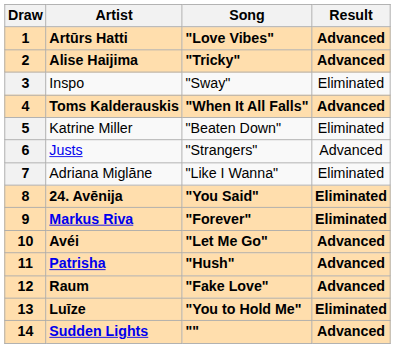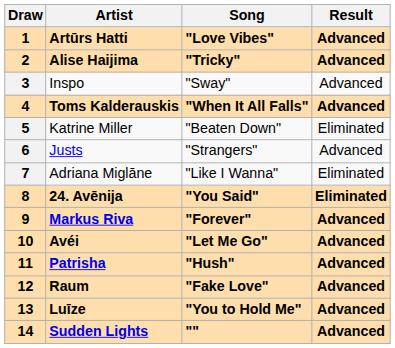 <table class="sortable wikitable plainrowheaders" style="margin: 1em auto 1em auto; text-align:center">
 <tr>
 <th>Draw</th>
 <th>Artist</th>
 <th>Song</th>
 <th>Result</th>
 </tr>
 <tr style="font-weight:bold; background:navajowhite;">
 <th scope="row" style="text-align:center; font-weight:bold; background:navajowhite">1</th>
 <td align="left">Artūrs Hatti</td>
 <td align="left">"Love Vibes"</td>
 <td>Advanced</td>
 </tr>
 <tr style="font-weight:bold; background:navajowhite;">
 <th scope="row" style="text-align:center; font-weight:bold; background:navajowhite">2</th>
 <td align="left">Alise Haijima</td>
 <td align="left">"Tricky"</td>
 <td>Advanced</td>
 </tr>
 <tr>
 <th scope="row" style="text-align:center;">3</th>
 <td align="left">Inspo</td>
 <td align="left">"Sway"</td>
-<td>Eliminated</td>
+<td>Advanced</td>
 </tr>
 <tr style="font-weight:bold; background:navajowhite;">
 <th scope="row" style="text-align:center; font-weight:bold; background:navajowhite">4</th>
 <td align="left">Toms Kalderauskis</td>
 <td align="left">"When It All Falls"</td>
 <td>Advanced</td>
 </tr>
 <tr>
 <th scope="row" style="text-align:center;">5</th>
 <td align="left">Katrine Miller</td>
 <td align="left">"Beaten Down"</td>
 <td>Eliminated</td>
 </tr>
 <tr>
 <th scope="row" style="text-align:center;">6</th>
 <td align="left"><a href='#'>Justs</a></td>
 <td align="left">"Strangers"</td>
 <td>Advanced</td>
 </tr>
 <tr>
 <th scope="row" style="text-align:center;">7</th>
 <td align="left">Adriana Miglāne</td>
 <td align="left">"Like I Wanna"</td>
 <td>Eliminated</td>
 </tr>
 <tr style="font-weight:bold; background:navajowhite;">
 <th scope="row" style="text-align:center; font-weight:bold; background:navajowhite">8</th>
 <td align="left">24. Avēnija</td>
 <td align="left">"You Said"</td>
 <td>Eliminated</td>
 </tr>
 <tr style="font-weight:bold; background:navajowhite;">
 <th scope="row" style="text-align:center; font-weight:bold; background:navajowhite">9</th>
 <td align="left"><a href='#'>Markus Riva</a></td>
 <td align="left">"Forever"</td>
-<td>Eliminated</td>
+<td>Advanced</td>
 </tr>
 <tr style="font-weight:bold; background:navajowhite;">
 <th scope="row" style="text-align:center; font-weight:bold; background:navajowhite">10</th>
 <td align="left">Avéi</td>
 <td align="left">"Let Me Go"</td>
 <td>Advanced</td>
 </tr>
 <tr style="font-weight:bold; background:navajowhite;">
 <th scope="row" style="text-align:center; font-weight:bold; background:navajowhite">11</th>
 <td align="left"><a href='#'>Patrisha</a></td>
 <td align="left">"Hush"</td>
 <td>Advanced</td>
 </tr>
 <tr style="font-weight:bold; background:navajowhite;">
 <th scope="row" style="text-align:center; font-weight:bold; background:navajowhite">12</th>
 <td align="left">Raum</td>
 <td align="left">"Fake Love"</td>
 <td>Advanced</td>
 </tr>
 <tr style="font-weight:bold; background:navajowhite;">
 <th scope="row" style="text-align:center; font-weight:bold; background:navajowhite">13</th>
 <td align="left">Luīze</td>
 <td align="left">"You to Hold Me"</td>
-<td>Eliminated</td>
+<td>Advanced</td>
 </tr>
 <tr style="font-weight:bold; background:navajowhite;">
 <th scope="row" style="text-align:center; font-weight:bold; background:navajowhite">14</th>
 <td align="left"><a href='#'>Sudden Lights</a></td>
 <td align="left">""</td>
 <td>Advanced</td>
 </tr>
 </table>
